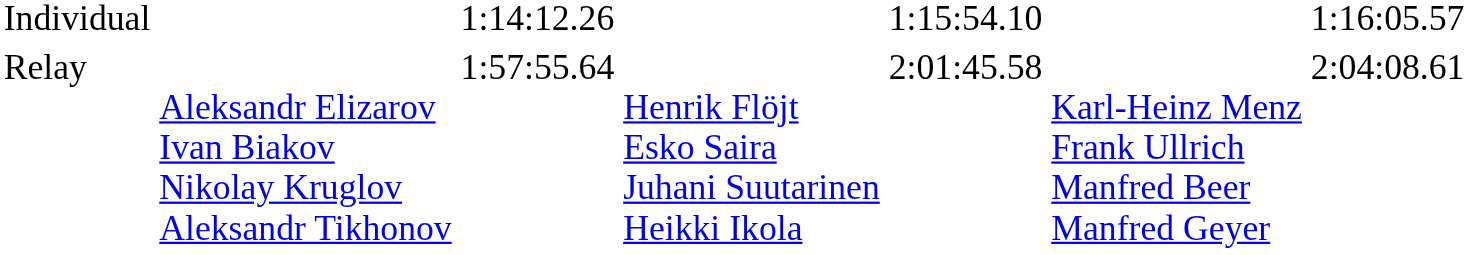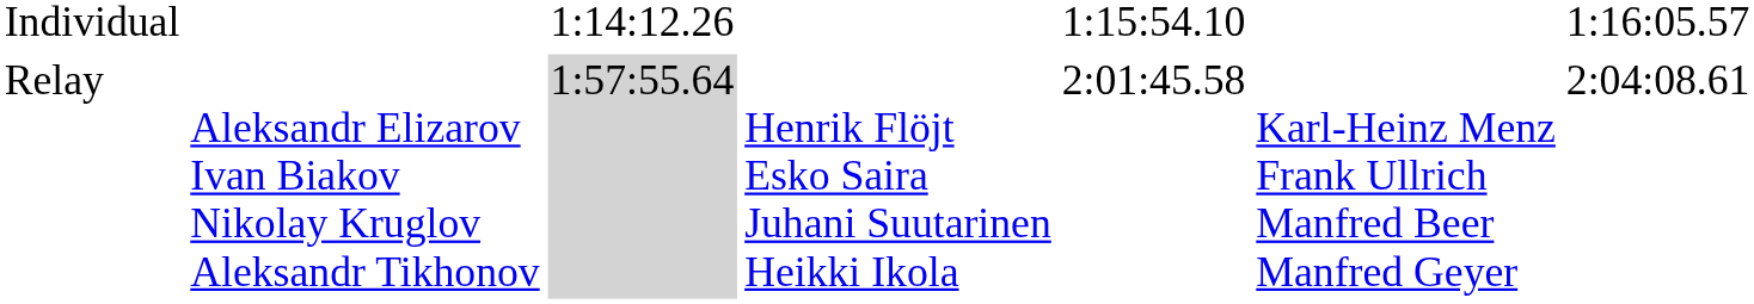 <table>
 <tr valign="top">
 <td>Individual<br></td>
 <td></td>
 <td>1:14:12.26</td>
 <td></td>
 <td>1:15:54.10</td>
 <td></td>
 <td>1:16:05.57</td>
 </tr>
 <tr valign="top">
 <td>Relay<br></td>
 <td><br><a href='#'>Aleksandr Elizarov</a><br><a href='#'>Ivan Biakov</a><br><a href='#'>Nikolay Kruglov</a><br><a href='#'>Aleksandr Tikhonov</a></td>
-<td>1:57:55.64</td>
+<td style="background: lightgrey;">1:57:55.64</td>
 <td><br><a href='#'>Henrik Flöjt</a><br><a href='#'>Esko Saira</a><br><a href='#'>Juhani Suutarinen</a><br><a href='#'>Heikki Ikola</a></td>
 <td>2:01:45.58</td>
 <td><br><a href='#'>Karl-Heinz Menz</a><br><a href='#'>Frank Ullrich</a><br><a href='#'>Manfred Beer</a><br><a href='#'>Manfred Geyer</a></td>
 <td>2:04:08.61</td>
 </tr>
 </table>
